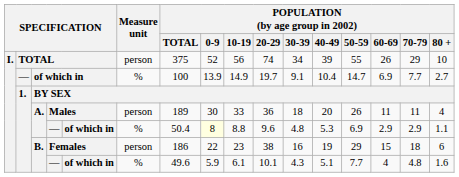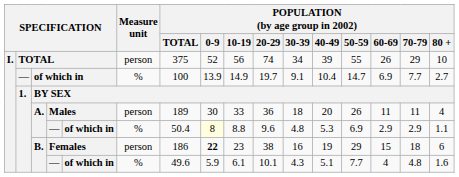 <table class="wikitable" style="font-size:85%; text-align:center">
 <tr>
 <th rowspan="2" colspan="5">SPECIFICATION</th>
 <th rowspan="2">Measure<br> unit</th>
 <th colspan="10" rowspan="1">POPULATION<br> (by age group in 2002)</th>
 </tr>
 <tr>
 <th>TOTAL</th>
 <th>0-9</th>
 <th>10-19</th>
 <th>20-29</th>
 <th>30-39</th>
 <th>40-49</th>
 <th>50-59</th>
 <th>60-69</th>
 <th>70-79</th>
 <th>80 +</th>
 </tr>
 <tr>
 <th style="text-align:left" valign="top" rowspan="7">I.</th>
 <th style="text-align:left" colspan="4">TOTAL</th>
 <td>person</td>
 <td>375</td>
 <td>52</td>
 <td>56</td>
 <td>74</td>
 <td>34</td>
 <td>39</td>
 <td>55</td>
 <td>26</td>
 <td>29</td>
 <td>10</td>
 </tr>
 <tr>
 <th style="text-align:left" valign="top">—</th>
 <th style="text-align:left" colspan="3">of which in</th>
 <td>%</td>
 <td>100</td>
 <td>13.9</td>
 <td>14.9</td>
 <td>19.7</td>
 <td>9.1</td>
 <td>10.4</td>
 <td>14.7</td>
 <td>6.9</td>
 <td>7.7</td>
 <td>2.7</td>
 </tr>
 <tr>
 <th style="text-align:left" valign="top" rowspan="5">1.</th>
 <th style="text-align:left" colspan="14">BY SEX</th>
 </tr>
 <tr>
 <th style="text-align:left" valign="top" rowspan="2">A.</th>
 <th style="text-align:left" colspan="2">Males</th>
 <td>person</td>
 <td>189</td>
 <td>30</td>
 <td>33</td>
 <td>36</td>
 <td>18</td>
 <td>20</td>
 <td>26</td>
 <td>11</td>
 <td>11</td>
 <td>4</td>
 </tr>
 <tr>
 <th style="text-align:left" valign="top">—</th>
 <th style="text-align:left" colspan="1">of which in</th>
 <td>%</td>
 <td>50.4</td>
 <td style="background: lightyellow;">8</td>
 <td>8.8</td>
 <td>9.6</td>
 <td>4.8</td>
 <td>5.3</td>
 <td>6.9</td>
 <td>2.9</td>
 <td>2.9</td>
 <td>1.1</td>
 </tr>
 <tr>
 <th style="text-align:left" valign="top" rowspan="2">B.</th>
 <th style="text-align:left" colspan="2">Females</th>
 <td>person</td>
 <td>186</td>
-<td>22</td>
+<td><strong>22</strong></td>
 <td>23</td>
 <td>38</td>
 <td>16</td>
 <td>19</td>
 <td>29</td>
 <td>15</td>
 <td>18</td>
 <td>6</td>
 </tr>
 <tr>
 <th style="text-align:left" valign="top">—</th>
 <th style="text-align:left" colspan="1">of which in</th>
 <td>%</td>
 <td>49.6</td>
 <td>5.9</td>
 <td>6.1</td>
 <td>10.1</td>
 <td>4.3</td>
 <td>5.1</td>
 <td>7.7</td>
 <td>4</td>
 <td>4.8</td>
 <td>1.6</td>
 </tr>
 </table>
